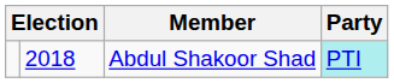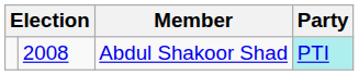 <table class="wikitable">
 <tr>
 <th colspan="2">Election</th>
 <th>Member</th>
 <th>Party</th>
 </tr>
 <tr>
 <td style="background-color: "></td>
-<td><a href='#'>2018</a></td>
+<td><a href='#'>2008</a></td>
 <td><a href='#'>Abdul Shakoor Shad</a></td>
 <td style="background: paleturquoise;"><a href='#'>PTI</a></td>
 </tr>
 </table>
